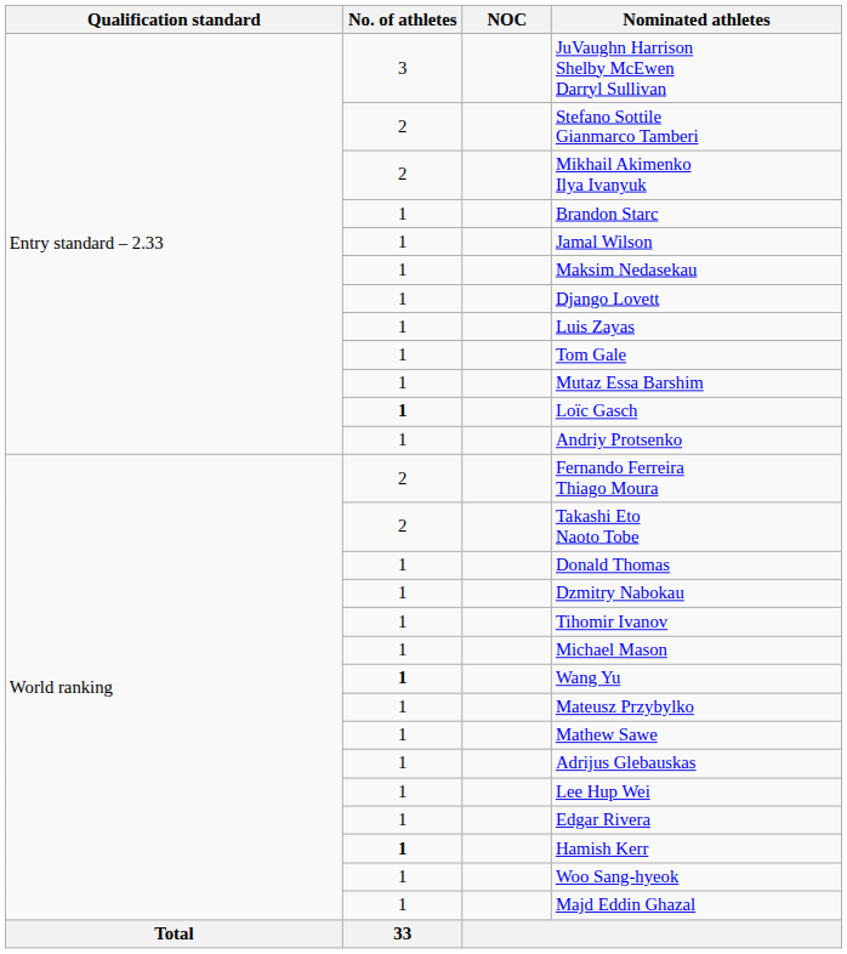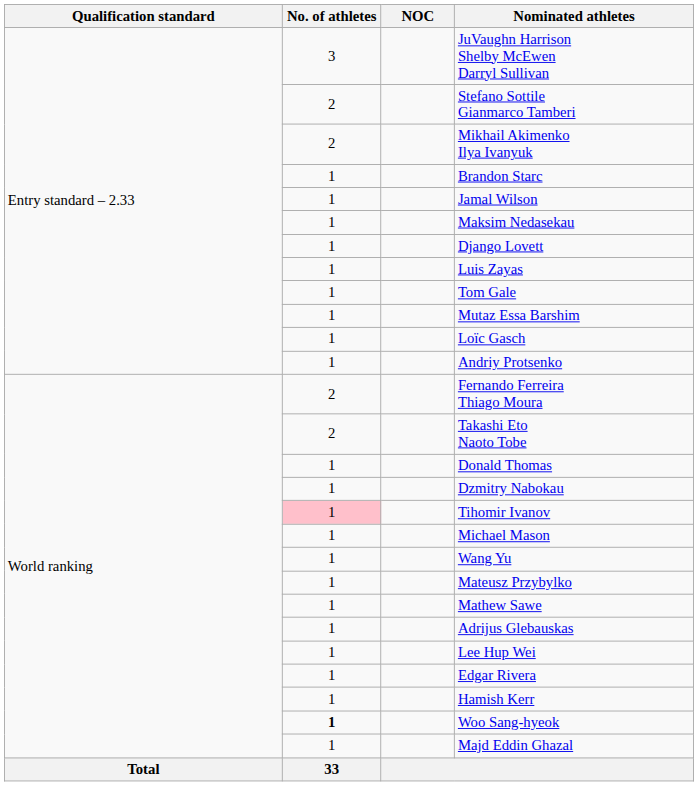 <table class="wikitable" style="text-align:left; width:750px;">
 <tr>
 <th>Qualification standard</th>
 <th width=100>No. of athletes</th>
 <th>NOC</th>
 <th>Nominated athletes</th>
 </tr>
 <tr>
 <td rowspan=12>Entry standard – 2.33</td>
 <td align=center>3</td>
 <td></td>
 <td><a href='#'>JuVaughn Harrison</a><br><a href='#'>Shelby McEwen</a><br><a href='#'>Darryl Sullivan</a></td>
 </tr>
 <tr>
 <td align=center>2</td>
 <td></td>
 <td><a href='#'>Stefano Sottile</a><br><a href='#'>Gianmarco Tamberi</a></td>
 </tr>
 <tr>
 <td align=center>2</td>
 <td></td>
 <td><a href='#'>Mikhail Akimenko</a><br><a href='#'>Ilya Ivanyuk</a></td>
 </tr>
 <tr>
 <td align=center>1</td>
 <td></td>
 <td><a href='#'>Brandon Starc</a></td>
 </tr>
 <tr>
 <td align=center>1</td>
 <td></td>
 <td><a href='#'>Jamal Wilson</a></td>
 </tr>
 <tr>
 <td align=center>1</td>
 <td></td>
 <td><a href='#'>Maksim Nedasekau</a></td>
 </tr>
 <tr>
 <td align=center>1</td>
 <td></td>
 <td><a href='#'>Django Lovett</a></td>
 </tr>
 <tr>
 <td align=center>1</td>
 <td></td>
 <td><a href='#'>Luis Zayas</a></td>
 </tr>
 <tr>
 <td align=center>1</td>
 <td></td>
 <td><a href='#'>Tom Gale</a></td>
 </tr>
 <tr>
 <td align=center>1</td>
 <td></td>
 <td><a href='#'>Mutaz Essa Barshim</a></td>
 </tr>
 <tr>
-<td align=center><strong>1</strong></td>
+<td align=center>1</td>
 <td></td>
 <td><a href='#'>Loïc Gasch</a></td>
 </tr>
 <tr>
 <td align=center>1</td>
 <td></td>
 <td><a href='#'>Andriy Protsenko</a></td>
 </tr>
 <tr>
 <td rowspan=15>World ranking</td>
 <td align=center>2</td>
 <td></td>
 <td><a href='#'>Fernando Ferreira</a><br><a href='#'>Thiago Moura</a></td>
 </tr>
 <tr>
 <td align=center>2</td>
 <td></td>
 <td><a href='#'>Takashi Eto</a><br><a href='#'>Naoto Tobe</a></td>
 </tr>
 <tr>
 <td align=center>1</td>
 <td></td>
 <td><a href='#'>Donald Thomas</a></td>
 </tr>
 <tr>
 <td align=center>1</td>
 <td></td>
 <td><a href='#'>Dzmitry Nabokau</a></td>
 </tr>
 <tr>
-<td align=center>1</td>
+<td align=center style="background: pink;">1</td>
 <td></td>
 <td><a href='#'>Tihomir Ivanov</a></td>
 </tr>
 <tr>
 <td align=center>1</td>
 <td></td>
 <td><a href='#'>Michael Mason</a></td>
 </tr>
 <tr>
-<td align=center><strong>1</strong></td>
+<td align=center>1</td>
 <td></td>
 <td><a href='#'>Wang Yu</a></td>
 </tr>
 <tr>
 <td align=center>1</td>
 <td></td>
 <td><a href='#'>Mateusz Przybylko</a></td>
 </tr>
 <tr>
 <td align=center>1</td>
 <td></td>
 <td><a href='#'>Mathew Sawe</a></td>
 </tr>
 <tr>
 <td align=center>1</td>
 <td></td>
 <td><a href='#'>Adrijus Glebauskas</a></td>
 </tr>
 <tr>
 <td align=center>1</td>
 <td></td>
 <td><a href='#'>Lee Hup Wei</a></td>
 </tr>
 <tr>
 <td align=center>1</td>
 <td></td>
 <td><a href='#'>Edgar Rivera</a></td>
 </tr>
 <tr>
-<td align=center><strong>1</strong></td>
+<td align=center>1</td>
 <td></td>
 <td><a href='#'>Hamish Kerr</a></td>
 </tr>
 <tr>
-<td align=center>1</td>
+<td align=center><strong>1</strong></td>
 <td></td>
 <td><a href='#'>Woo Sang-hyeok</a></td>
 </tr>
 <tr>
 <td align=center>1</td>
 <td></td>
 <td><a href='#'>Majd Eddin Ghazal</a></td>
 </tr>
 <tr>
 <th>Total</th>
 <th>33</th>
 <th colspan=2></th>
 </tr>
 </table>
